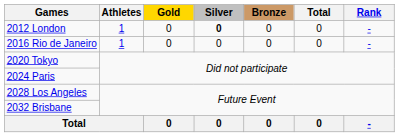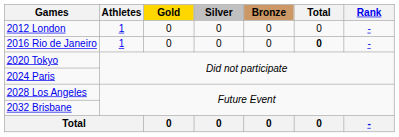 <table class="wikitable" style="text-align:center; font-size:90%;">
 <tr>
 <th>Games</th>
 <th>Athletes</th>
 <td style="background:gold; width:4.5em; font-weight:bold;">Gold</td>
 <td style="background:silver; width:4.5em; font-weight:bold;">Silver</td>
 <td style="background:#cc9966; width:4.5em; font-weight:bold;">Bronze</td>
 <th style="width:4.5em; font-weight:bold;">Total</th>
 <th style="width:4.5em; font-weight:bold;"><a href='#'>Rank</a></th>
 </tr>
 <tr>
 <td align=left><a href='#'>2012 London</a></td>
 <td><a href='#'>1</a></td>
 <td>0</td>
-<td><strong>0</strong></td>
+<td>0</td>
 <td>0</td>
 <td>0</td>
 <td><a href='#'>-</a></td>
 </tr>
 <tr>
 <td align=left><a href='#'>2016 Rio de Janeiro</a></td>
 <td><a href='#'>1</a></td>
 <td>0</td>
 <td>0</td>
 <td>0</td>
-<td>0</td>
+<td><strong>0</strong></td>
 <td><a href='#'>-</a></td>
 </tr>
 <tr>
 <td align=left><a href='#'>2020 Tokyo</a></td>
 <td colspan="6" rowspan="2"><em>Did not participate</em></td>
 </tr>
 <tr>
 <td align=left><a href='#'>2024 Paris</a></td>
 </tr>
 <tr>
 <td align=left><a href='#'>2028 Los Angeles</a></td>
 <td colspan="6" rowspan="2"><em>Future Event</em></td>
 </tr>
 <tr>
 <td align=left><a href='#'>2032 Brisbane</a></td>
 </tr>
 <tr>
 <th colspan=2>Total</th>
 <th>0</th>
 <th>0</th>
 <th>0</th>
 <th>0</th>
 <th><a href='#'>-</a></th>
 </tr>
 </table>
